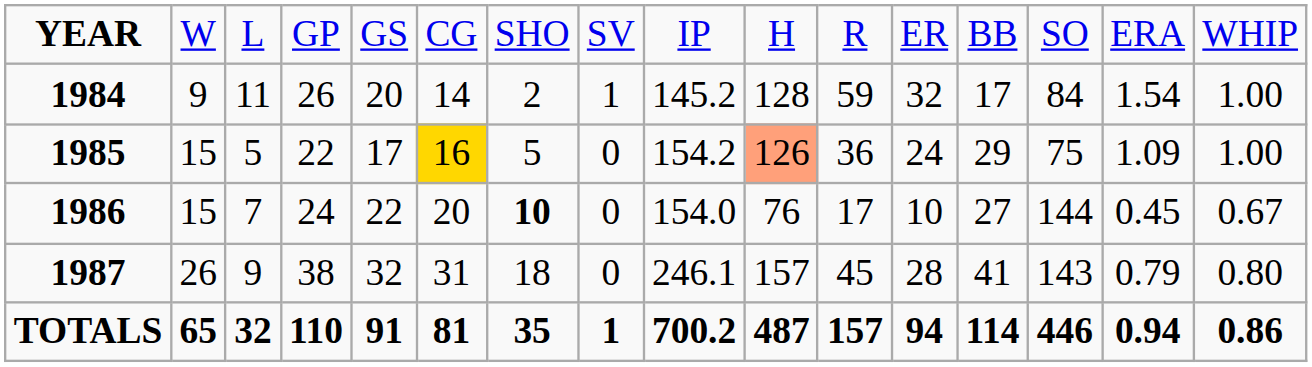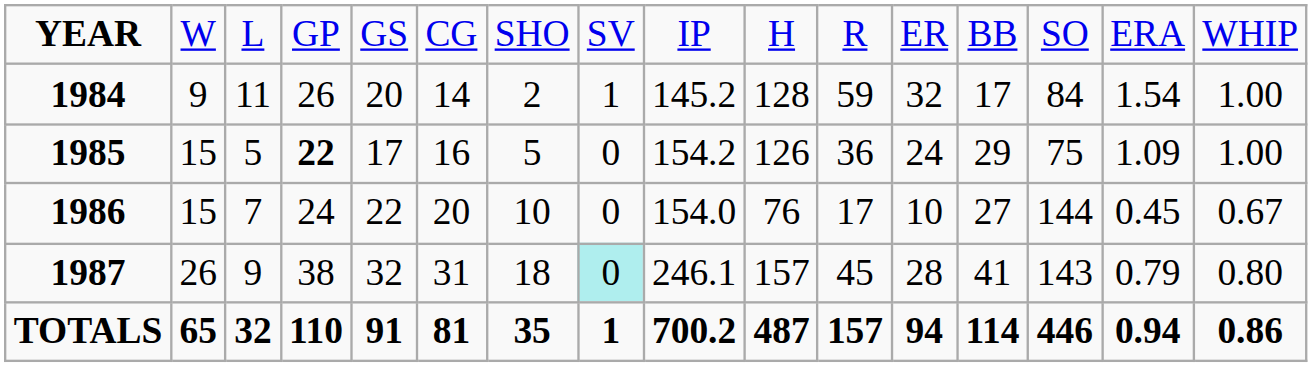 <table class="wikitable">
 <tr align=center>
 <td><strong>YEAR</strong></td>
 <td><a href='#'>W</a></td>
 <td><a href='#'>L</a></td>
 <td><a href='#'>GP</a></td>
 <td><a href='#'>GS</a></td>
 <td><a href='#'>CG</a></td>
 <td><a href='#'>SHO</a></td>
 <td><a href='#'>SV</a></td>
 <td><a href='#'>IP</a></td>
 <td><a href='#'>H</a></td>
 <td><a href='#'>R</a></td>
 <td><a href='#'>ER</a></td>
 <td><a href='#'>BB</a></td>
 <td><a href='#'>SO</a></td>
 <td><a href='#'>ERA</a></td>
 <td><a href='#'>WHIP</a></td>
 </tr>
 <tr align=center>
 <td><strong>1984</strong></td>
 <td>9</td>
 <td>11</td>
 <td>26</td>
 <td>20</td>
 <td>14</td>
 <td>2</td>
 <td>1</td>
 <td>145.2</td>
 <td>128</td>
 <td>59</td>
 <td>32</td>
 <td>17</td>
 <td>84</td>
 <td>1.54</td>
 <td>1.00</td>
 </tr>
 <tr align=center>
 <td><strong>1985</strong></td>
 <td>15</td>
 <td>5</td>
-<td>22</td>
+<td><strong>22</strong></td>
 <td>17</td>
-<td style="background: gold;">16</td>
+<td>16</td>
 <td>5</td>
 <td>0</td>
 <td>154.2</td>
-<td style="background: lightsalmon;">126</td>
+<td>126</td>
 <td>36</td>
 <td>24</td>
 <td>29</td>
 <td>75</td>
 <td>1.09</td>
 <td>1.00</td>
 </tr>
 <tr align=center>
 <td><strong>1986</strong></td>
 <td>15</td>
 <td>7</td>
 <td>24</td>
 <td>22</td>
 <td>20</td>
-<td><strong>10</strong></td>
+<td>10</td>
 <td>0</td>
 <td>154.0</td>
 <td>76</td>
 <td>17</td>
 <td>10</td>
 <td>27</td>
 <td>144</td>
 <td>0.45</td>
 <td>0.67</td>
 </tr>
 <tr align=center>
 <td><strong>1987</strong></td>
 <td>26</td>
 <td>9</td>
 <td>38</td>
 <td>32</td>
 <td>31</td>
 <td>18</td>
-<td>0</td>
+<td style="background: paleturquoise;">0</td>
 <td>246.1</td>
 <td>157</td>
 <td>45</td>
 <td>28</td>
 <td>41</td>
 <td>143</td>
 <td>0.79</td>
 <td>0.80</td>
 </tr>
 <tr align=center>
 <td><strong>TOTALS</strong></td>
 <td><strong>65</strong></td>
 <td><strong>32</strong></td>
 <td><strong>110</strong></td>
 <td><strong>91</strong></td>
 <td><strong>81</strong></td>
 <td><strong>35</strong></td>
 <td><strong>1</strong></td>
 <td><strong>700.2</strong></td>
 <td><strong>487</strong></td>
 <td><strong>157</strong></td>
 <td><strong>94</strong></td>
 <td><strong>114</strong></td>
 <td><strong>446</strong></td>
 <td><strong>0.94</strong></td>
 <td><strong>0.86</strong></td>
 </tr>
 </table>
